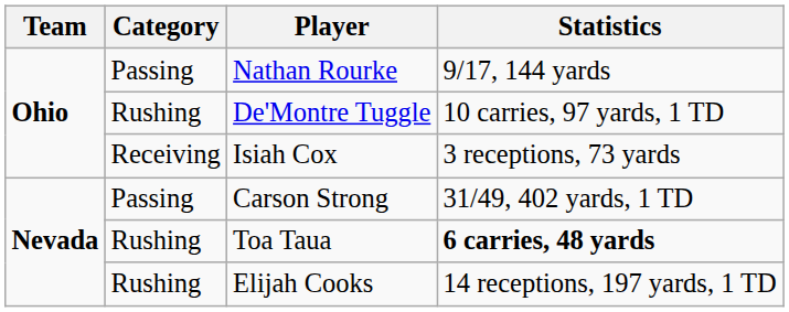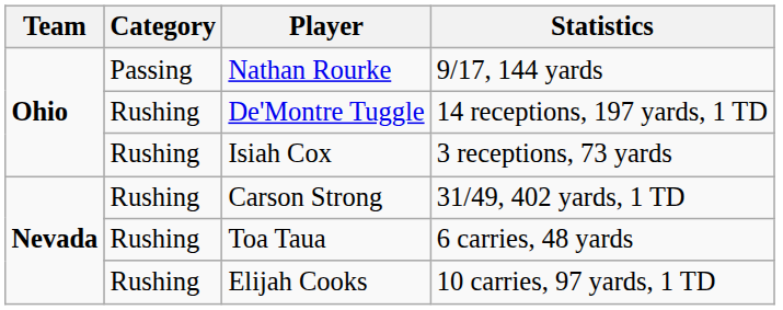 <table class="wikitable" style="float: left;">
 <tr>
 <th>Team</th>
 <th>Category</th>
 <th>Player</th>
 <th>Statistics</th>
 </tr>
 <tr>
 <td rowspan=3><strong>Ohio</strong></td>
 <td>Passing</td>
 <td><a href='#'>Nathan Rourke</a></td>
 <td>9/17, 144 yards</td>
 </tr>
 <tr>
 <td>Rushing</td>
 <td><a href='#'>De'Montre Tuggle</a></td>
-<td>10 carries, 97 yards, 1 TD</td>
+<td>14 receptions, 197 yards, 1 TD</td>
 </tr>
 <tr>
-<td>Receiving</td>
+<td>Rushing</td>
 <td>Isiah Cox</td>
 <td>3 receptions, 73 yards</td>
 </tr>
 <tr>
 <td rowspan=3><strong>Nevada</strong></td>
-<td>Passing</td>
+<td>Rushing</td>
 <td>Carson Strong</td>
 <td>31/49, 402 yards, 1 TD</td>
 </tr>
 <tr>
 <td>Rushing</td>
 <td>Toa Taua</td>
-<td><strong>6 carries, 48 yards</strong></td>
+<td>6 carries, 48 yards</td>
 </tr>
 <tr>
 <td>Rushing</td>
 <td>Elijah Cooks</td>
-<td>14 receptions, 197 yards, 1 TD</td>
+<td>10 carries, 97 yards, 1 TD</td>
 </tr>
 </table>
